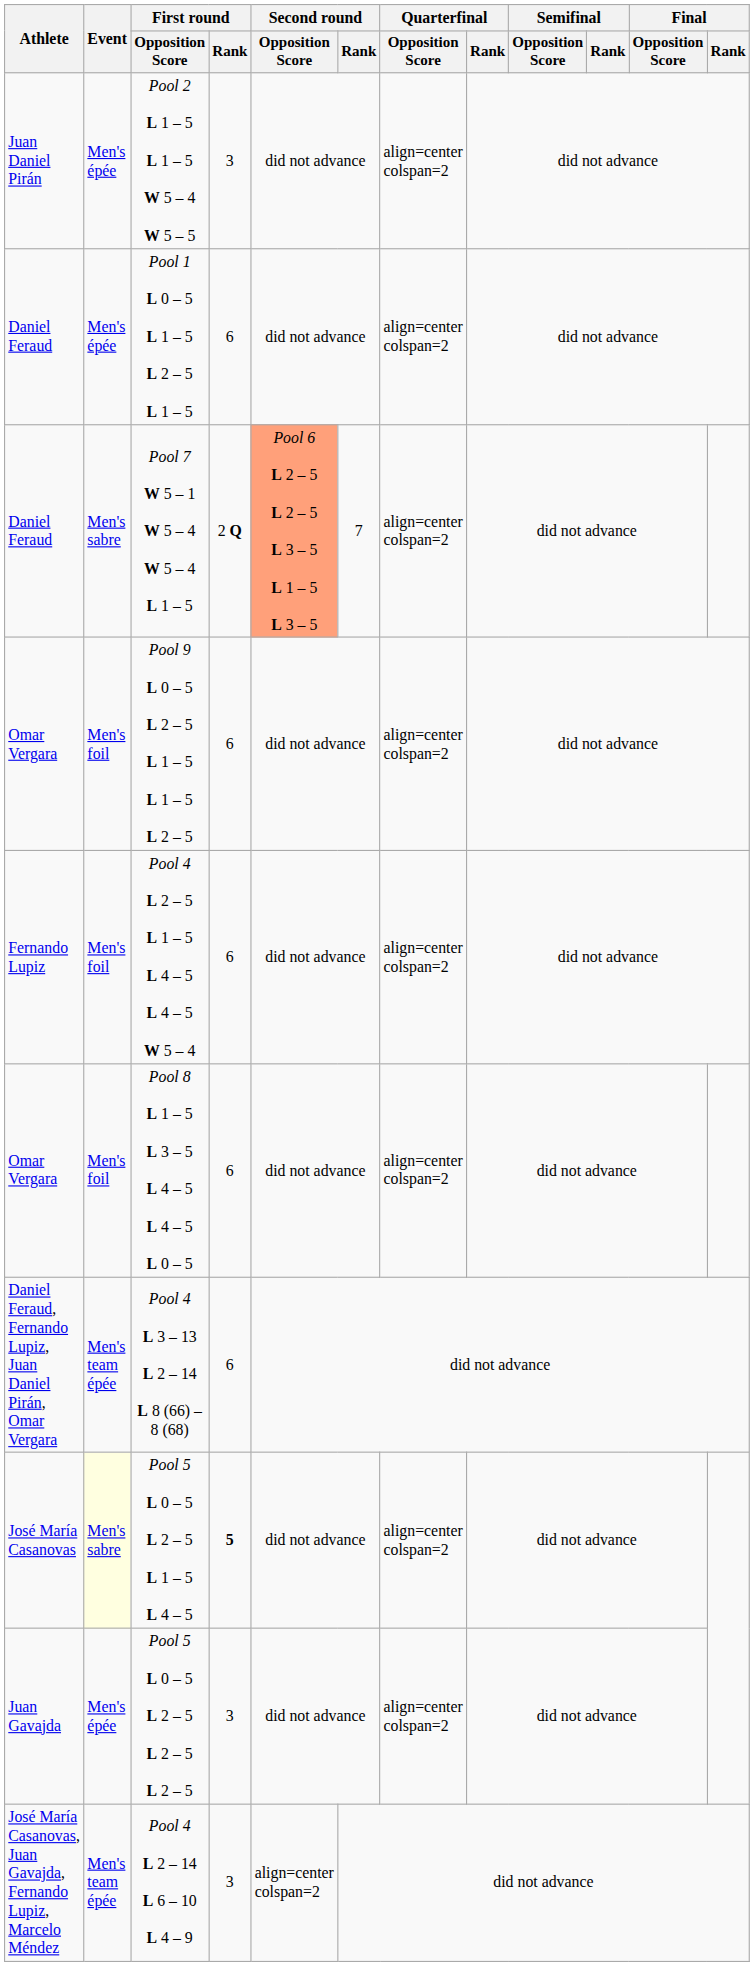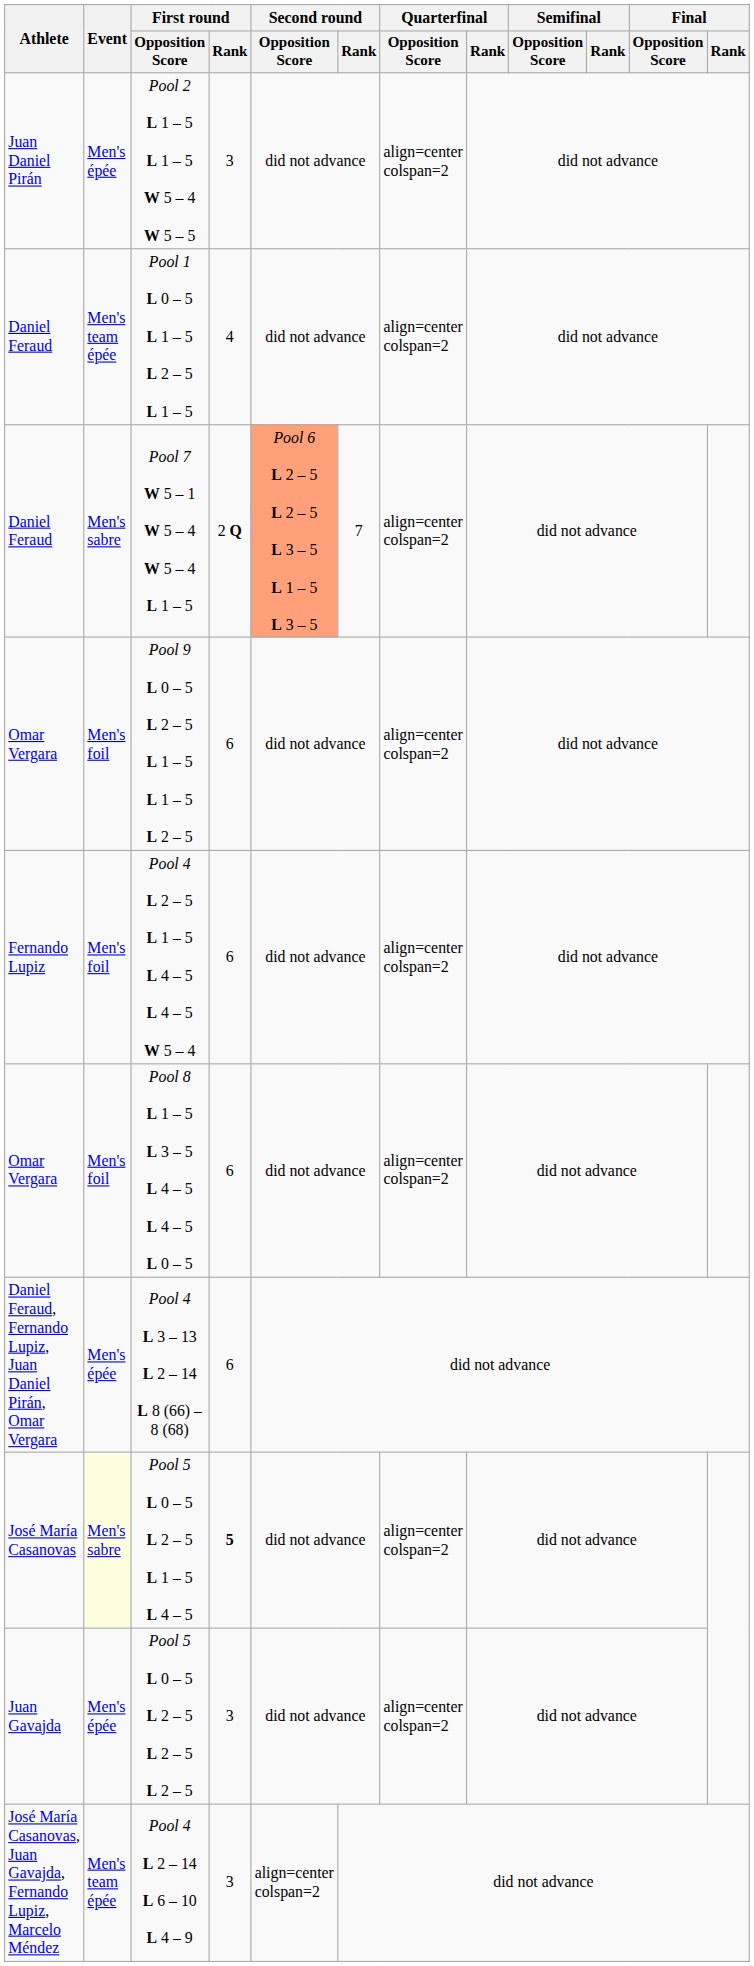 <table class="wikitable" style="text-align:left; font-size:90%">
 <tr>
 <th rowspan="2">Athlete</th>
 <th rowspan="2">Event</th>
 <th colspan=2>First round</th>
 <th colspan=2>Second round</th>
 <th colspan=2>Quarterfinal</th>
 <th colspan=2>Semifinal</th>
 <th colspan=2>Final</th>
 </tr>
 <tr style="font-size:95%">
 <th>Opposition <br> Score</th>
 <th width=50>Rank</th>
 <th>Opposition <br> Score</th>
 <th width=50>Rank</th>
 <th>Opposition <br> Score</th>
 <th width=50>Rank</th>
 <th>Opposition <br> Score</th>
 <th width=50>Rank</th>
 <th>Opposition <br> Score</th>
 <th width=50>Rank</th>
 </tr>
 <tr>
 <td><a href='#'>Juan Daniel Pirán</a></td>
 <td><a href='#'>Men's épée</a></td>
 <td align=center><em>Pool 2</em><br><br><strong>L</strong> 1 – 5<br><br><strong>L</strong> 1 – 5<br><br><strong>W</strong> 5 – 4<br><br><strong>W</strong> 5 – 5</td>
 <td align=center>3</td>
 <td align=center colspan=2>did not advance</td>
 <td>align=center colspan=2 </td>
 <td align=center colspan=6>did not advance</td>
 </tr>
 <tr>
 <td><a href='#'>Daniel Feraud</a></td>
-<td><a href='#'>Men's épée</a></td>
+<td><a href='#'>Men's team épée</a></td>
 <td align=center><em>Pool 1</em><br><br><strong>L</strong> 0 – 5<br><br><strong>L</strong> 1 – 5<br><br><strong>L</strong> 2 – 5<br><br><strong>L</strong> 1 – 5</td>
-<td align=center>6</td>
+<td align=center>4</td>
 <td align=center colspan=2>did not advance</td>
 <td>align=center colspan=2 </td>
 <td align=center colspan=5>did not advance</td>
 </tr>
 <tr>
 <td><a href='#'>Daniel Feraud</a></td>
 <td><a href='#'>Men's sabre</a></td>
 <td align=center><em>Pool 7</em><br><br><strong>W</strong> 5 – 1<br><br><strong>W</strong> 5 – 4<br><br><strong>W</strong> 5 – 4<br><br><strong>L</strong> 1 – 5</td>
 <td align=center>2 <strong>Q</strong></td>
 <td align=center style="background: lightsalmon;"><em>Pool 6</em><br><br><strong>L</strong> 2 – 5<br><br><strong>L</strong> 2 – 5<br><br><strong>L</strong> 3 – 5<br><br><strong>L</strong> 1 – 5<br><br><strong>L</strong> 3 – 5</td>
 <td align=center>7</td>
 <td>align=center colspan=2 </td>
 <td align=center colspan=4>did not advance</td>
 </tr>
 <tr>
 <td><a href='#'>Omar Vergara</a></td>
 <td><a href='#'>Men's foil</a></td>
 <td align=center><em>Pool 9</em><br><br><strong>L</strong> 0 – 5<br><br><strong>L</strong> 2 – 5<br><br><strong>L</strong> 1 – 5<br><br><strong>L</strong> 1 – 5<br><br><strong>L</strong> 2 – 5</td>
 <td align=center>6</td>
 <td align=center colspan=2>did not advance</td>
 <td>align=center colspan=2 </td>
 <td align=center colspan=5>did not advance</td>
 </tr>
 <tr>
 <td><a href='#'>Fernando Lupiz</a></td>
 <td><a href='#'>Men's foil</a></td>
 <td align=center><em>Pool 4</em><br><br><strong>L</strong> 2 – 5<br><br><strong>L</strong> 1 – 5<br><br><strong>L</strong> 4 – 5<br><br><strong>L</strong> 4 – 5<br><br><strong>W</strong> 5 – 4</td>
 <td align=center>6</td>
 <td align=center colspan=2>did not advance</td>
 <td>align=center colspan=2 </td>
 <td align=center colspan=5>did not advance</td>
 </tr>
 <tr>
 <td><a href='#'>Omar Vergara</a></td>
 <td><a href='#'>Men's foil</a></td>
 <td align=center><em>Pool 8</em><br><br><strong>L</strong> 1 – 5<br><br><strong>L</strong> 3 – 5<br><br><strong>L</strong> 4 – 5<br><br><strong>L</strong> 4 – 5<br><br><strong>L</strong> 0 – 5</td>
 <td align=center>6</td>
 <td align=center colspan=2>did not advance</td>
 <td>align=center colspan=2 </td>
 <td align=center colspan=4>did not advance</td>
 </tr>
 <tr>
 <td><a href='#'>Daniel Feraud</a>,<br><a href='#'>Fernando Lupiz</a>,<br><a href='#'>Juan Daniel Pirán</a>,<br><a href='#'>Omar Vergara</a></td>
-<td><a href='#'>Men's team épée</a></td>
+<td><a href='#'>Men's épée</a></td>
 <td align=center><em>Pool 4</em><br><br><strong>L</strong> 3 – 13<br><br><strong>L</strong> 2 – 14<br><br><strong>L</strong> 8 (66) – 8 (68)</td>
 <td align=center>6</td>
 <td align=center colspan=8>did not advance</td>
 </tr>
 <tr>
 <td><a href='#'>José María Casanovas</a></td>
 <td style="background: lightyellow;"><a href='#'>Men's sabre</a></td>
 <td align=center><em>Pool 5</em><br><br><strong>L</strong> 0 – 5<br><br><strong>L</strong> 2 – 5<br><br><strong>L</strong> 1 – 5<br><br><strong>L</strong> 4 – 5</td>
 <td align=center><strong>5</strong></td>
 <td align=center colspan=2>did not advance</td>
 <td>align=center colspan=2 </td>
 <td align=center colspan=4>did not advance</td>
 </tr>
 <tr>
 <td><a href='#'>Juan Gavajda</a></td>
 <td><a href='#'>Men's épée</a></td>
 <td align=center><em>Pool 5</em><br><br><strong>L</strong> 0 – 5<br><br><strong>L</strong> 2 – 5<br><br><strong>L</strong> 2 – 5<br><br><strong>L</strong> 2 – 5</td>
 <td align=center>3</td>
 <td align=center colspan=2>did not advance</td>
 <td>align=center colspan=2 </td>
 <td align=center colspan=4>did not advance</td>
 </tr>
 <tr>
 <td><a href='#'>José María Casanovas</a>,<br><a href='#'>Juan Gavajda</a>,<br><a href='#'>Fernando Lupiz</a>,<br><a href='#'>Marcelo Méndez</a></td>
 <td><a href='#'>Men's team épée</a></td>
 <td align=center><em>Pool 4</em><br><br><strong>L</strong> 2 – 14<br><br><strong>L</strong> 6 – 10<br><br><strong>L</strong> 4 – 9</td>
 <td align=center>3</td>
 <td>align=center colspan=2 </td>
 <td align=center colspan=8>did not advance</td>
 </tr>
 </table>
